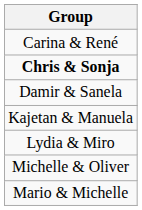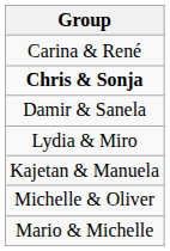 <table class="wikitable" style="text-align:center;">
 <tr>
 <th>Group</th>
 </tr>
 <tr>
 <td>Carina & René</td>
 </tr>
 <tr>
 <td><strong>Chris & Sonja</strong></td>
 </tr>
 <tr>
 <td>Damir & Sanela</td>
 </tr>
 <tr>
-<td>Kajetan & Manuela</td>
+<td>Lydia & Miro</td>
 </tr>
 <tr>
-<td>Lydia & Miro</td>
+<td>Kajetan & Manuela</td>
 </tr>
 <tr>
 <td>Michelle & Oliver</td>
 </tr>
 <tr>
 <td>Mario & Michelle</td>
 </tr>
 </table>
